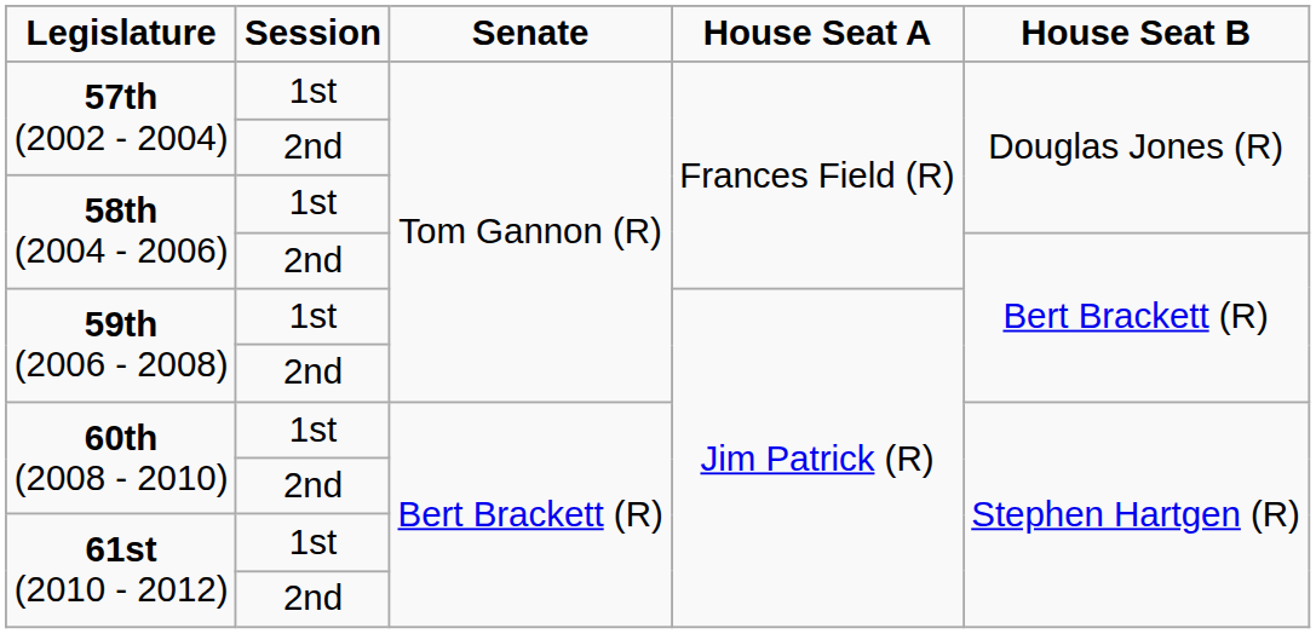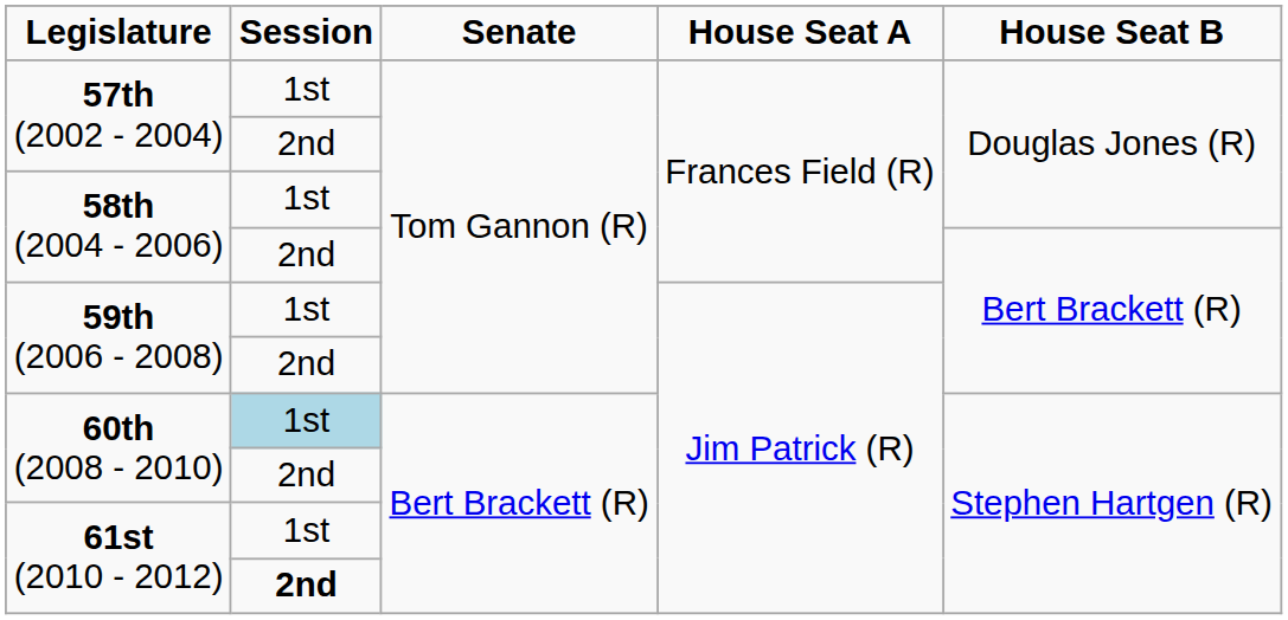 <table class=wikitable style="text-align:center">
 <tr>
 <td><strong>Legislature</strong></td>
 <td><strong>Session</strong></td>
 <td><strong>Senate</strong></td>
 <td><strong>House Seat A</strong></td>
 <td><strong>House Seat B</strong></td>
 </tr>
 <tr>
 <td rowspan="2" colspan="1" style="text-align: center;"><strong>57th</strong> <br> (2002 - 2004)</td>
 <td>1st</td>
 <td rowspan="6" colspan="1" style="text-align: center;" >Tom Gannon (R)</td>
 <td rowspan="4" colspan="1" style="text-align: center;" >Frances Field (R)</td>
 <td rowspan="3" colspan="1" style="text-align: center;" >Douglas Jones (R)</td>
 </tr>
 <tr>
 <td>2nd</td>
 </tr>
 <tr>
 <td rowspan="2" colspan="1" style="text-align: center;"><strong>58th</strong> <br> (2004 - 2006)</td>
 <td>1st</td>
 </tr>
 <tr>
 <td>2nd</td>
 <td rowspan="3" colspan="1" style="text-align: center;" ><a href='#'>Bert Brackett</a> (R)</td>
 </tr>
 <tr>
 <td rowspan="2" colspan="1" style="text-align: center;"><strong>59th</strong> <br> (2006 - 2008)</td>
 <td>1st</td>
 <td rowspan="6" colspan="1" style="text-align: center;" ><a href='#'>Jim Patrick</a> (R)</td>
 </tr>
 <tr>
 <td>2nd</td>
 </tr>
 <tr>
 <td rowspan="2" colspan="1" style="text-align: center;"><strong>60th</strong> <br> (2008 - 2010)</td>
-<td>1st</td>
+<td style="background: lightblue;">1st</td>
 <td rowspan="4" colspan="1" style="text-align: center;" ><a href='#'>Bert Brackett</a> (R)</td>
 <td rowspan="4" colspan="1" style="text-align: center;" ><a href='#'>Stephen Hartgen</a> (R)</td>
 </tr>
 <tr>
 <td>2nd</td>
 </tr>
 <tr>
 <td rowspan="2" colspan="1" style="text-align: center;"><strong>61st</strong> <br> (2010 - 2012)</td>
 <td>1st</td>
 </tr>
 <tr>
-<td>2nd</td>
+<td><strong>2nd</strong></td>
 </tr>
 </table>
